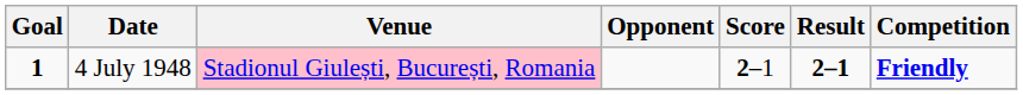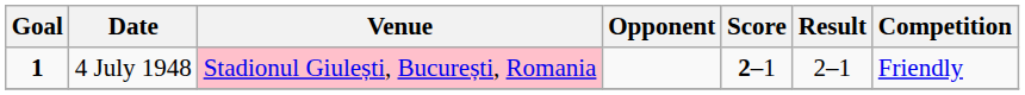 <table class="wikitable" style="font-size:90%" align=center>
 <tr>
 <th>Goal</th>
 <th>Date</th>
 <th>Venue</th>
 <th>Opponent</th>
 <th>Score</th>
 <th>Result</th>
 <th>Competition</th>
 </tr>
 <tr>
 <td style="text-align:center;"><strong>1</strong></td>
 <td>4 July 1948</td>
 <td style="background: pink;"><a href='#'>Stadionul Giulești</a>, <a href='#'>București</a>, <a href='#'>Romania</a></td>
 <td></td>
 <td style="text-align:center;"><strong>2</strong>–1</td>
-<td style="text-align:center;"><strong>2–1</strong></td>
-<td><strong><a href='#'>Friendly</a></strong></td>
+<td style="text-align:center;">2–1</td>
+<td><a href='#'>Friendly</a></td>
 </tr>
 <tr>
 </tr>
 </table>
